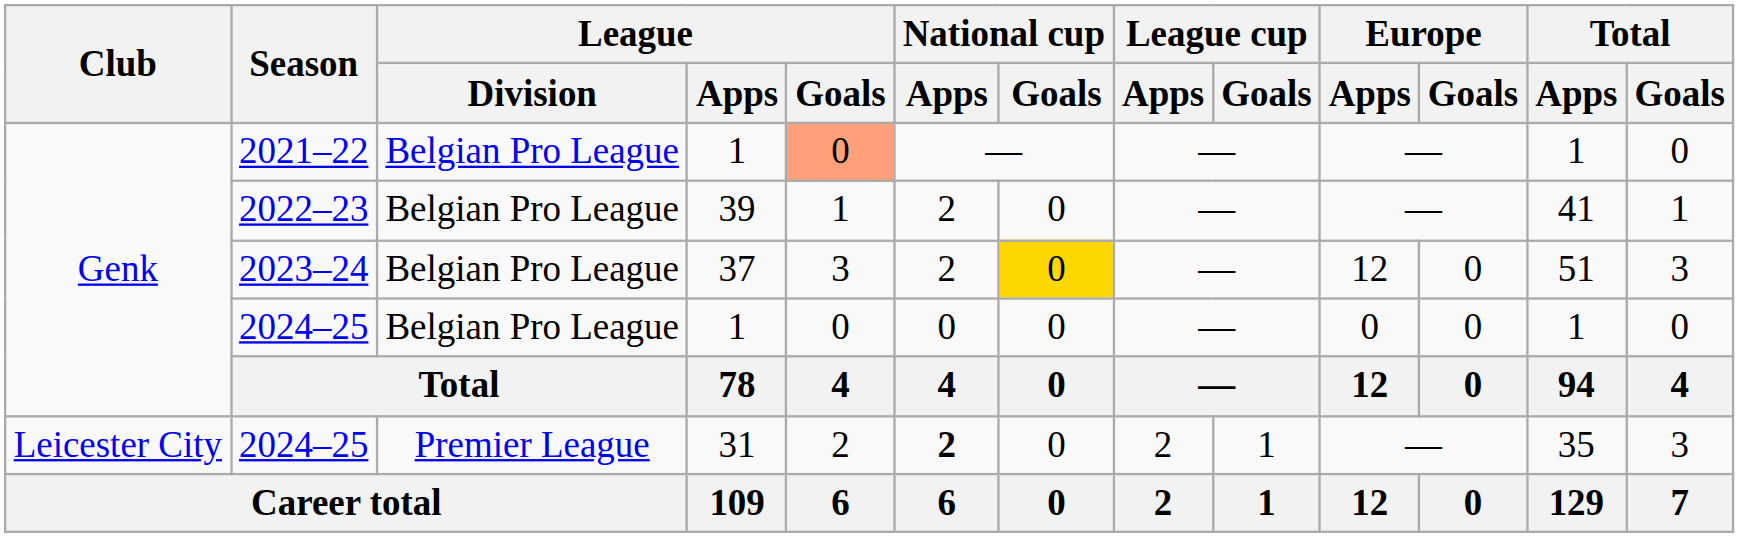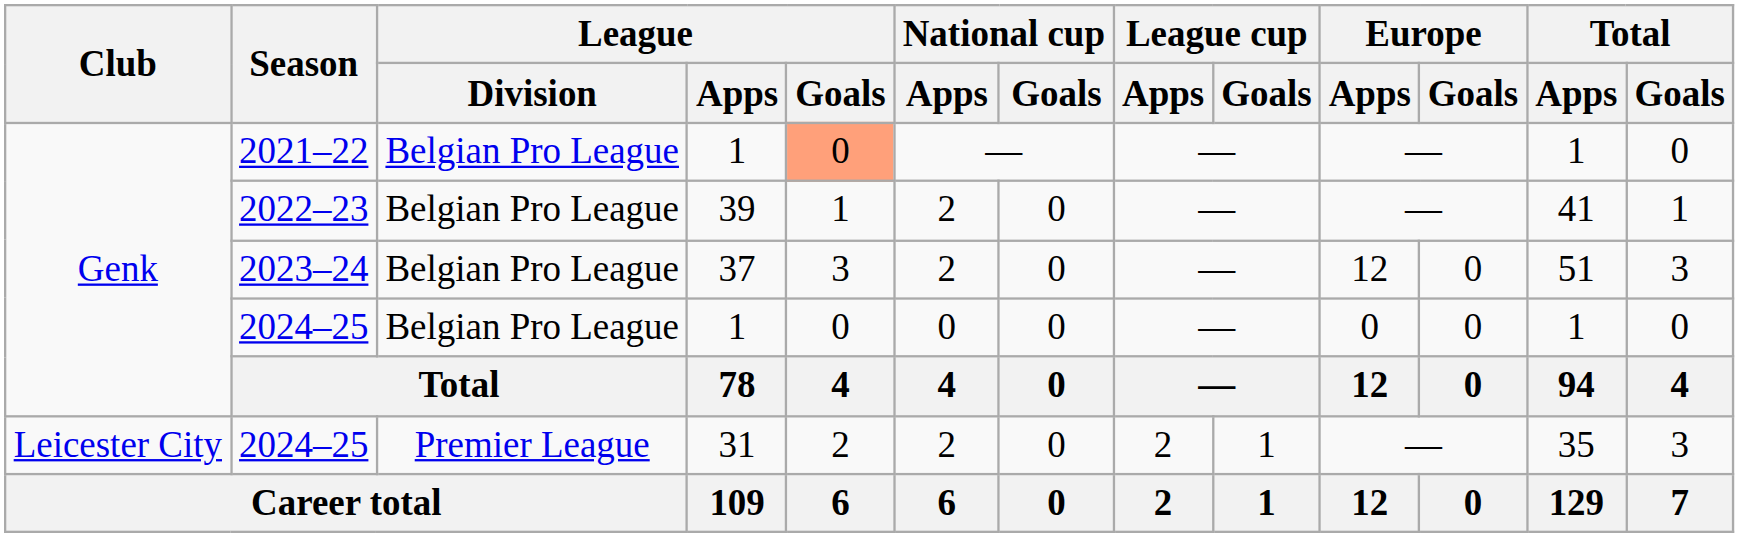 <table class="wikitable" style="text-align: center;">
 <tr>
 <th rowspan="2">Club</th>
 <th rowspan="2">Season</th>
 <th colspan="3">League</th>
 <th colspan="2">National cup</th>
 <th colspan="2">League cup</th>
 <th colspan="2">Europe</th>
 <th colspan="2">Total</th>
 </tr>
 <tr>
 <th>Division</th>
 <th>Apps</th>
 <th>Goals</th>
 <th>Apps</th>
 <th>Goals</th>
 <th>Apps</th>
 <th>Goals</th>
 <th>Apps</th>
 <th>Goals</th>
 <th>Apps</th>
 <th>Goals</th>
 </tr>
 <tr>
 <td rowspan="5"><a href='#'>Genk</a></td>
 <td><a href='#'>2021–22</a></td>
 <td><a href='#'>Belgian Pro League</a></td>
 <td>1</td>
 <td style="background: lightsalmon;">0</td>
 <td colspan="2">—</td>
 <td colspan="2">—</td>
 <td colspan="2">—</td>
 <td>1</td>
 <td>0</td>
 </tr>
 <tr>
 <td><a href='#'>2022–23</a></td>
 <td>Belgian Pro League</td>
 <td>39</td>
 <td>1</td>
 <td>2</td>
 <td>0</td>
 <td colspan="2">—</td>
 <td colspan="2">—</td>
 <td>41</td>
 <td>1</td>
 </tr>
 <tr>
 <td><a href='#'>2023–24</a></td>
 <td>Belgian Pro League</td>
 <td>37</td>
 <td>3</td>
 <td>2</td>
-<td style="background: gold;">0</td>
+<td>0</td>
 <td colspan="2">—</td>
 <td>12</td>
 <td>0</td>
 <td>51</td>
 <td>3</td>
 </tr>
 <tr>
 <td><a href='#'>2024–25</a></td>
 <td>Belgian Pro League</td>
 <td>1</td>
 <td>0</td>
 <td>0</td>
 <td>0</td>
 <td colspan="2">—</td>
 <td>0</td>
 <td>0</td>
 <td>1</td>
 <td>0</td>
 </tr>
 <tr>
 <th colspan="2">Total</th>
 <th>78</th>
 <th>4</th>
 <th>4</th>
 <th>0</th>
 <th colspan="2">—</th>
 <th>12</th>
 <th>0</th>
 <th>94</th>
 <th>4</th>
 </tr>
 <tr>
 <td><a href='#'>Leicester City</a></td>
 <td><a href='#'>2024–25</a></td>
 <td><a href='#'>Premier League</a></td>
 <td>31</td>
 <td>2</td>
-<td><strong>2</strong></td>
+<td>2</td>
 <td>0</td>
 <td>2</td>
 <td>1</td>
 <td colspan="2">—</td>
 <td>35</td>
 <td>3</td>
 </tr>
 <tr>
 <th colspan="3">Career total</th>
 <th>109</th>
 <th>6</th>
 <th>6</th>
 <th>0</th>
 <th>2</th>
 <th>1</th>
 <th>12</th>
 <th>0</th>
 <th>129</th>
 <th>7</th>
 </tr>
 </table>
